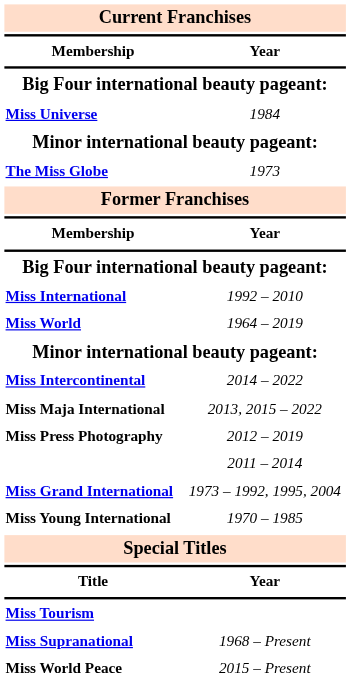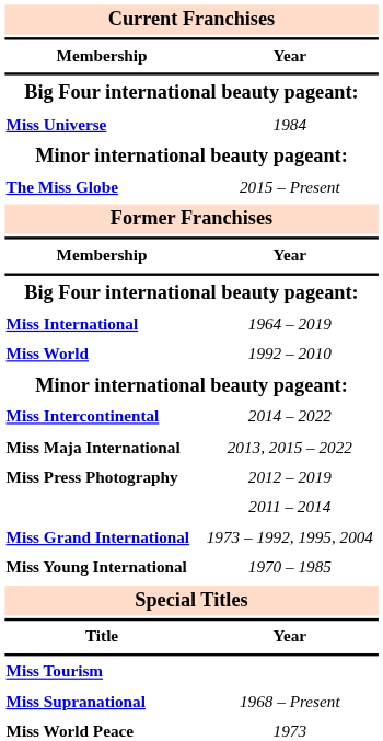 <table class="toccolours" style="width: 20em; font-size:80%; line-height:1.5em; width:23%;">
 <tr>
 <th colspan="2" align="center" style="background:#FFDDCA;"><big>Current Franchises</big></th>
 </tr>
 <tr>
 <td colspan="2" style="background:black"></td>
 </tr>
 <tr>
 <th scope="col">Membership</th>
 <th scope="col">Year</th>
 </tr>
 <tr>
 <td colspan="2" style="background:black"></td>
 </tr>
 <tr>
 <th colspan="2" align="center"><big>Big Four international beauty pageant:</big></th>
 </tr>
 <tr>
 <td align="left"><strong><a href='#'>Miss Universe</a></strong></td>
 <td align="center"><em>1984</em></td>
 </tr>
 <tr>
 <th colspan="2" align="center"><big>Minor international beauty pageant:</big></th>
 </tr>
 <tr>
 <td align="left"><strong><a href='#'>The Miss Globe</a></strong></td>
-<td align="center"><em>1973</em></td>
+<td align="center"><em>2015 – Present</em></td>
 </tr>
 <tr>
 <th colspan="2" align="center" style="background:#FFDDCA;"><big>Former Franchises</big></th>
 </tr>
 <tr>
 <td colspan="2" style="background:black"></td>
 </tr>
 <tr>
 <th scope="col">Membership</th>
 <th scope="col">Year</th>
 </tr>
 <tr>
 <td colspan="2" style="background:black"></td>
 </tr>
 <tr>
 <th colspan="2" align="center"><big>Big Four international beauty pageant:</big></th>
 </tr>
 <tr>
 <td align="left"><strong><a href='#'>Miss International</a></strong></td>
-<td align="center"><em>1992 – 2010</em></td>
+<td align="center"><em>1964 – 2019</em></td>
 </tr>
 <tr>
 <td align="left"><strong><a href='#'>Miss World</a></strong></td>
-<td align="center"><em>1964 – 2019</em></td>
+<td align="center"><em>1992 – 2010</em></td>
 </tr>
 <tr>
 <th colspan="2" align="center"><big>Minor international beauty pageant:</big></th>
 </tr>
 <tr>
 <td align="left"><strong><a href='#'>Miss Intercontinental</a></strong></td>
 <td align="center"><em>2014 – 2022</em></td>
 </tr>
 <tr>
 <td align="left"><strong>Miss Maja International</strong></td>
 <td align="center"><em>2013, 2015 – 2022</em></td>
 </tr>
 <tr>
 <td align="left"><strong>Miss Press Photography</strong></td>
 <td align="center"><em>2012 – 2019</em></td>
 </tr>
 <tr>
 <td align="left"><strong></strong></td>
 <td align="center"><em>2011 – 2014</em></td>
 </tr>
 <tr>
 <td align="left"><strong><a href='#'>Miss Grand International</a></strong></td>
 <td align="center"><em>1973 – 1992, 1995, 2004</em></td>
 </tr>
 <tr>
 <td align="left"><strong>Miss Young International</strong></td>
 <td align="center"><em>1970 – 1985</em></td>
 </tr>
 <tr>
 <th colspan="2" align="center" style="background:#FFDDCA;"><big>Special Titles</big></th>
 </tr>
 <tr>
 <td colspan="2" style="background:black"></td>
 </tr>
 <tr>
 <th scope="col">Title</th>
 <th scope="col">Year</th>
 </tr>
 <tr>
 <td colspan="2" style="background:black"></td>
 </tr>
 <tr>
 <td align="left"><strong><a href='#'>Miss Tourism</a></strong></td>
 <td align="center"><em></em></td>
 </tr>
 <tr>
 <td align="left"><strong><a href='#'>Miss Supranational</a></strong></td>
 <td align="center"><em>1968 – Present</em></td>
 </tr>
 <tr>
 <td align="left"><strong>Miss World Peace</strong></td>
-<td align="center"><em>2015 – Present</em></td>
+<td align="center"><em>1973</em></td>
 </tr>
 <tr>
 </tr>
 </table>
